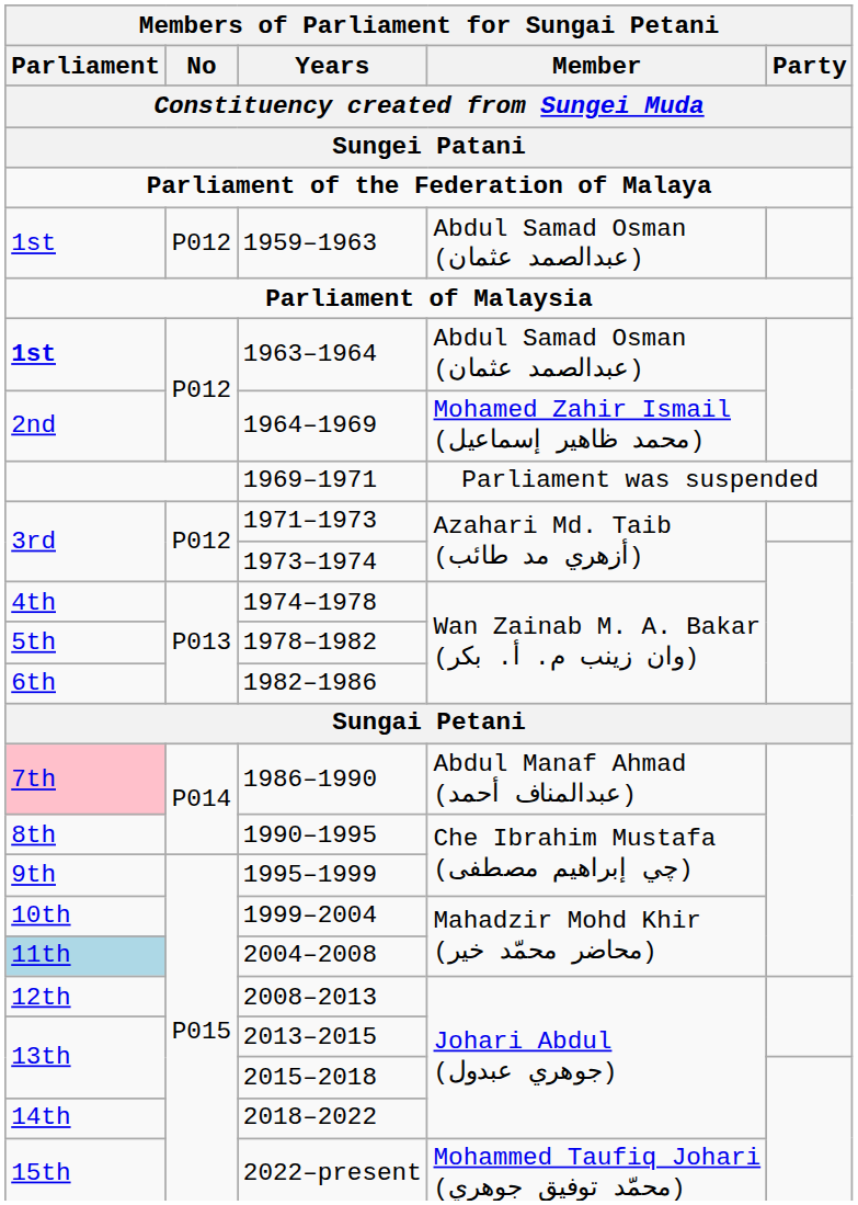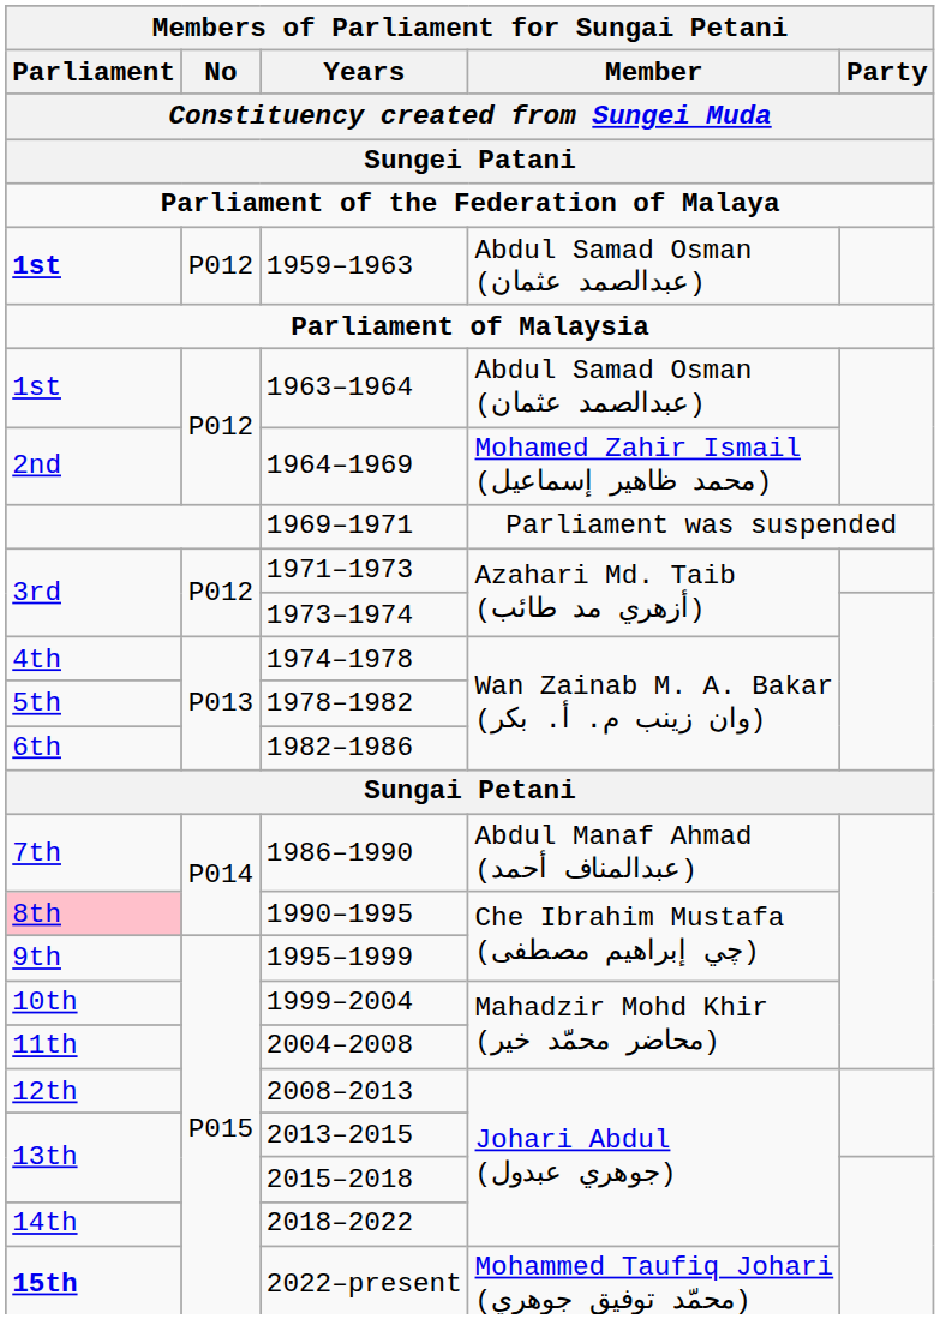 <table class=wikitable>
 <tr>
 <th colspan="5">Members of Parliament for Sungai Petani</th>
 </tr>
 <tr>
 <th>Parliament</th>
 <th>No</th>
 <th>Years</th>
 <th>Member</th>
 <th>Party</th>
 </tr>
 <tr>
 <th colspan="5" align="center"><em>Constituency created from <a href='#'>Sungei Muda</a></em></th>
 </tr>
 <tr>
 <th colspan="5" align="center">Sungei Patani</th>
 </tr>
 <tr>
 <td colspan="5" align="center"><strong>Parliament of the Federation of Malaya</strong></td>
 </tr>
 <tr>
-<td><a href='#'>1st</a></td>
+<td><strong><a href='#'>1st</a></strong></td>
 <td>P012</td>
 <td>1959–1963</td>
 <td>Abdul Samad Osman  <br>(عبدالصمد عثمان)</td>
 <td></td>
 </tr>
 <tr>
 <td colspan="5" align="center"><strong>Parliament of Malaysia</strong></td>
 </tr>
 <tr>
-<td><strong><a href='#'>1st</a></strong></td>
+<td><a href='#'>1st</a></td>
 <td rowspan="2">P012</td>
 <td>1963–1964</td>
 <td>Abdul Samad Osman <br>(عبدالصمد عثمان)</td>
 <td rowspan="2"></td>
 </tr>
 <tr>
 <td><a href='#'>2nd</a></td>
 <td>1964–1969</td>
 <td><a href='#'>Mohamed Zahir Ismail</a> <br>(محمد ظاهير إسماعيل)</td>
 </tr>
 <tr>
 <td colspan="2"></td>
 <td>1969–1971</td>
 <td colspan=2 align=center>Parliament was suspended</td>
 </tr>
 <tr>
 <td rowspan=2><a href='#'>3rd</a></td>
 <td rowspan="2">P012</td>
 <td>1971–1973</td>
 <td rowspan=2>Azahari Md. Taib <br>(أزهري مد طائب)</td>
 <td></td>
 </tr>
 <tr>
 <td>1973–1974</td>
 <td rowspan=4></td>
 </tr>
 <tr>
 <td><a href='#'>4th</a></td>
 <td rowspan="3">P013</td>
 <td>1974–1978</td>
 <td rowspan=3>Wan Zainab M. A. Bakar  <br>(وان زينب م. أ. بكر)</td>
 </tr>
 <tr>
 <td><a href='#'>5th</a></td>
 <td>1978–1982</td>
 </tr>
 <tr>
 <td><a href='#'>6th</a></td>
 <td>1982–1986</td>
 </tr>
 <tr>
 <th colspan="5" align="center">Sungai Petani</th>
 </tr>
 <tr>
-<td style="background: pink;"><a href='#'>7th</a></td>
+<td><a href='#'>7th</a></td>
 <td rowspan="2">P014</td>
 <td>1986–1990</td>
 <td>Abdul Manaf Ahmad <br>(عبدالمناف أحمد)</td>
 <td rowspan="5"></td>
 </tr>
 <tr>
-<td><a href='#'>8th</a></td>
+<td style="background: pink;"><a href='#'>8th</a></td>
 <td>1990–1995</td>
 <td rowspan=2>Che Ibrahim Mustafa <br>(چي إبراهيم مصطفى)</td>
 </tr>
 <tr>
 <td><a href='#'>9th</a></td>
 <td rowspan=8>P015</td>
 <td>1995–1999</td>
 </tr>
 <tr>
 <td><a href='#'>10th</a></td>
 <td>1999–2004</td>
 <td rowspan=2>Mahadzir Mohd Khir <br>(محاضر محمّد خير)</td>
 </tr>
 <tr>
-<td style="background: lightblue;"><a href='#'>11th</a></td>
+<td><a href='#'>11th</a></td>
 <td>2004–2008</td>
 </tr>
 <tr>
 <td><a href='#'>12th</a></td>
 <td>2008–2013</td>
 <td rowspan=4><a href='#'>Johari Abdul</a>  <br>(جوهري عبدول)</td>
 <td rowspan="2"></td>
 </tr>
 <tr>
 <td rowspan=2><a href='#'>13th</a></td>
 <td>2013–2015</td>
 </tr>
 <tr>
 <td>2015–2018</td>
 <td rowspan=3></td>
 </tr>
 <tr>
 <td><a href='#'>14th</a></td>
 <td>2018–2022</td>
 </tr>
 <tr>
-<td><a href='#'>15th</a></td>
+<td><strong><a href='#'>15th</a></strong></td>
 <td>2022–present</td>
 <td><a href='#'>Mohammed Taufiq Johari</a> <br>(محمّد توفيق جوهري)</td>
 </tr>
 </table>
